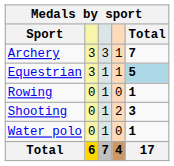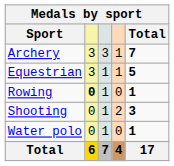 <table class="wikitable" style="font-size:85%; float:right;">
 <tr style="background:#efefef;">
 <th colspan=5>Medals by sport</th>
 </tr>
 <tr>
 <th>Sport</th>
 <td bgcolor=F7F6A8></td>
 <td bgcolor=DCE5E5></td>
 <td bgcolor=FFDAB9></td>
 <th>Total</th>
 </tr>
 <tr>
 <td><a href='#'>Archery</a></td>
 <td bgcolor=F7F6A8>3</td>
 <td bgcolor=DCE5E5>3</td>
 <td bgcolor=FFDAB9>1</td>
 <td><strong>7</strong></td>
 </tr>
 <tr>
 <td><a href='#'>Equestrian</a></td>
 <td bgcolor=F7F6A8>3</td>
 <td bgcolor=DCE5E5>1</td>
 <td bgcolor=FFDAB9>1</td>
-<td style="background: lightblue;"><strong>5</strong></td>
+<td><strong>5</strong></td>
 </tr>
 <tr>
 <td><a href='#'>Rowing</a></td>
-<td bgcolor=F7F6A8>0</td>
+<td bgcolor=F7F6A8><strong>0</strong></td>
 <td bgcolor=DCE5E5>1</td>
 <td bgcolor=FFDAB9>0</td>
 <td><strong>1</strong></td>
 </tr>
 <tr>
 <td><a href='#'>Shooting</a></td>
 <td bgcolor=F7F6A8>0</td>
 <td bgcolor=DCE5E5>1</td>
 <td bgcolor=FFDAB9>2</td>
 <td><strong>3</strong></td>
 </tr>
 <tr>
 <td><a href='#'>Water polo</a></td>
 <td bgcolor=F7F6A8>0</td>
 <td bgcolor=DCE5E5>1</td>
 <td bgcolor=FFDAB9>0</td>
 <td><strong>1</strong></td>
 </tr>
 <tr>
 <th>Total</th>
 <th style=background:gold>6</th>
 <th style=background:silver>7</th>
 <th style=background:#c96>4</th>
 <th>17</th>
 </tr>
 </table>
